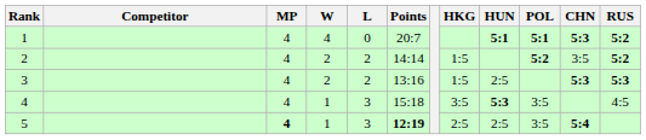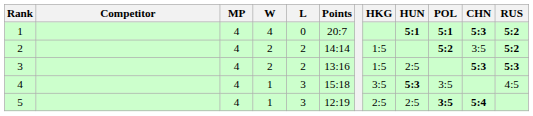 <table class="wikitable" style="text-align:center">
 <tr>
 <th>Rank</th>
 <th style="width:16em">Competitor</th>
 <th style="width:2.5em">MP</th>
 <th style="width:2.5em">W</th>
 <th style="width:2.5em">L</th>
 <th>Points</th>
 <th rowspan="6"> </th>
 <th style="width:2.5em">HKG</th>
 <th style="width:2.5em">HUN</th>
 <th style="width:2.5em">POL</th>
 <th style="width:2.5em">CHN</th>
 <th style="width:2.5em">RUS</th>
 </tr>
 <tr style="background:#cfc;">
 <td>1</td>
 <td style="text-align:left"></td>
 <td>4</td>
 <td>4</td>
 <td>0</td>
 <td>20:7</td>
 <td></td>
 <td><strong>5:1</strong></td>
 <td><strong>5:1</strong></td>
 <td><strong>5:3</strong></td>
 <td><strong>5:2</strong></td>
 </tr>
 <tr style="background:#cfc;">
 <td>2</td>
 <td style="text-align:left"></td>
 <td>4</td>
 <td>2</td>
 <td>2</td>
 <td>14:14</td>
 <td>1:5</td>
 <td></td>
 <td><strong>5:2</strong></td>
 <td>3:5</td>
 <td><strong>5:2</strong></td>
 </tr>
 <tr style="background:#cfc;">
 <td>3</td>
 <td style="text-align:left"></td>
 <td>4</td>
 <td>2</td>
 <td>2</td>
 <td>13:16</td>
 <td>1:5</td>
 <td>2:5</td>
 <td></td>
 <td><strong>5:3</strong></td>
 <td><strong>5:3</strong></td>
 </tr>
 <tr style="background:#cfc;">
 <td>4</td>
 <td style="text-align:left"></td>
 <td>4</td>
 <td>1</td>
 <td>3</td>
 <td>15:18</td>
 <td>3:5</td>
 <td><strong>5:3</strong></td>
 <td>3:5</td>
 <td></td>
 <td>4:5</td>
 </tr>
 <tr style="background:#cfc;">
 <td>5</td>
 <td style="text-align:left"></td>
-<td><strong>4</strong></td>
+<td>4</td>
 <td>1</td>
 <td>3</td>
-<td><strong>12:19</strong></td>
+<td>12:19</td>
 <td>2:5</td>
 <td>2:5</td>
-<td>3:5</td>
+<td><strong>3:5</strong></td>
 <td><strong>5:4</strong></td>
 <td></td>
 </tr>
 </table>
